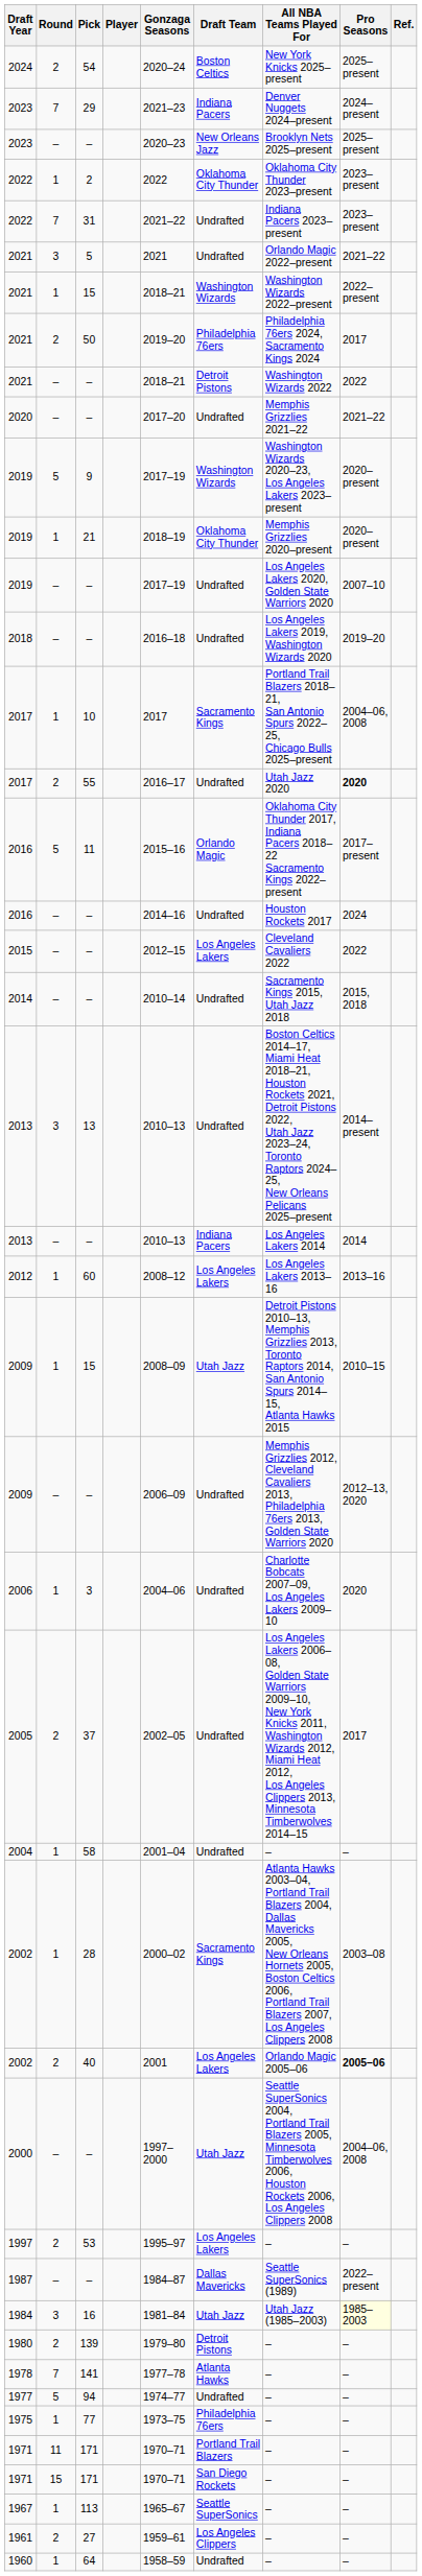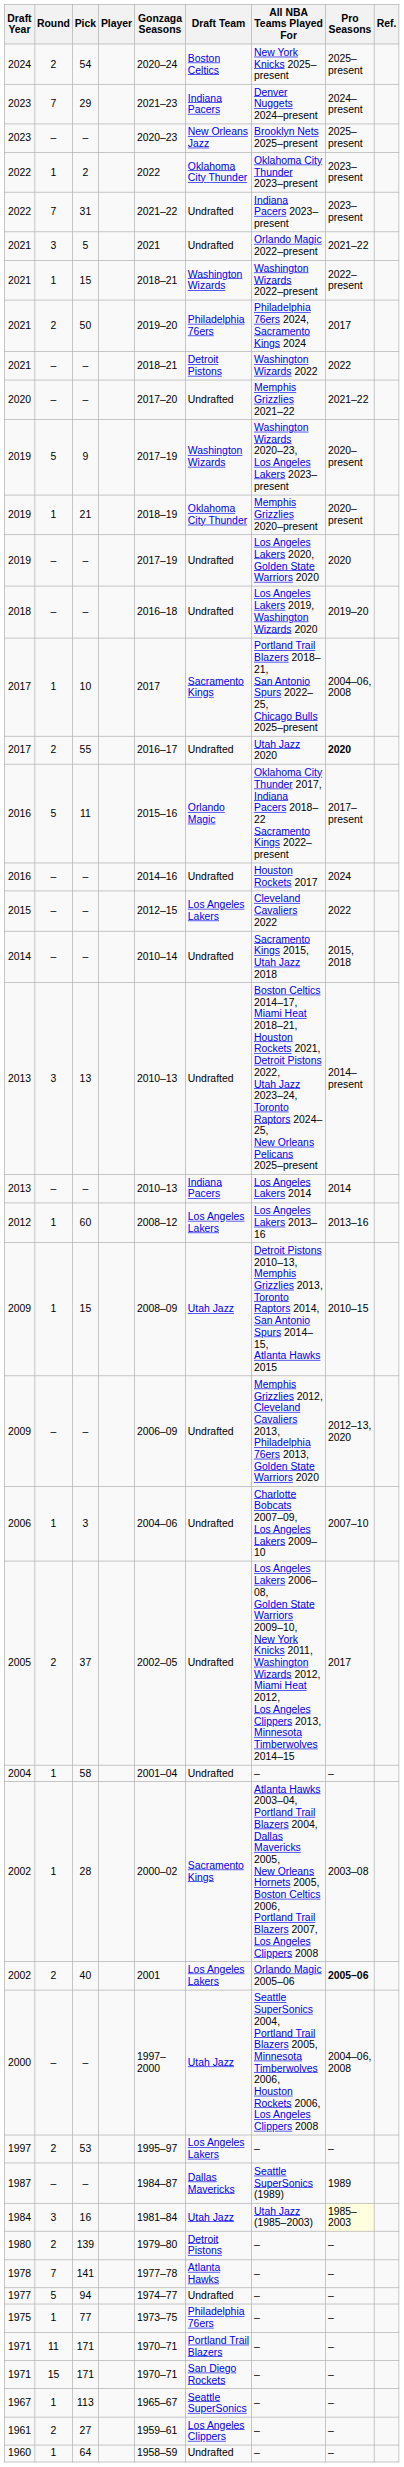 <table class="wikitable sortable" style="text-align:center">
 <tr>
 <th>Draft Year</th>
 <th>Round</th>
 <th>Pick</th>
 <th>Player</th>
 <th>Gonzaga Seasons</th>
 <th>Draft Team</th>
 <th>All NBA Teams Played For</th>
 <th>Pro Seasons</th>
 <th class="unsortable">Ref.</th>
 </tr>
 <tr>
 <td>2024</td>
 <td>2</td>
 <td>54</td>
 <td style="text-align:left"></td>
 <td style="text-align:left">2020–24</td>
 <td style="text-align:left"><a href='#'>Boston Celtics</a></td>
 <td style="text-align:left"><a href='#'>New York Knicks</a> 2025–present</td>
 <td style="text-align:left">2025–present</td>
 <td></td>
 </tr>
 <tr>
 <td>2023</td>
 <td>7</td>
 <td>29</td>
 <td style="text-align:left"></td>
 <td style="text-align:left">2021–23</td>
 <td style="text-align:left"><a href='#'>Indiana Pacers</a></td>
 <td style="text-align:left"><a href='#'>Denver Nuggets</a> 2024–present</td>
 <td style="text-align:left">2024–present</td>
 <td></td>
 </tr>
 <tr>
 <td>2023</td>
 <td>–</td>
 <td>–</td>
 <td style="text-align:left"></td>
 <td style="text-align:left">2020–23</td>
 <td style="text-align:left"><a href='#'>New Orleans Jazz</a></td>
 <td style="text-align:left"><a href='#'>Brooklyn Nets</a> 2025–present</td>
 <td style="text-align:left">2025–present</td>
 <td></td>
 </tr>
 <tr>
 <td>2022</td>
 <td>1</td>
 <td>2</td>
 <td style="text-align:left"></td>
 <td style="text-align:left">2022</td>
 <td style="text-align:left"><a href='#'>Oklahoma City Thunder</a></td>
 <td style="text-align:left"><a href='#'>Oklahoma City Thunder</a> 2023–present</td>
 <td style="text-align:left">2023–present</td>
 <td></td>
 </tr>
 <tr>
 <td>2022</td>
 <td>7</td>
 <td>31</td>
 <td style="text-align:left"></td>
 <td style="text-align:left">2021–22</td>
 <td style="text-align:left">Undrafted</td>
 <td style="text-align:left"><a href='#'>Indiana Pacers</a> 2023–present</td>
 <td style="text-align:left">2023–present</td>
 <td></td>
 </tr>
 <tr>
 <td>2021</td>
 <td>3</td>
 <td>5</td>
 <td style="text-align:left"></td>
 <td style="text-align:left">2021</td>
 <td style="text-align:left">Undrafted</td>
 <td style="text-align:left"><a href='#'>Orlando Magic</a> 2022–present</td>
 <td style="text-align:left">2021–22</td>
 <td></td>
 </tr>
 <tr>
 <td>2021</td>
 <td>1</td>
 <td>15</td>
 <td style="text-align:left"></td>
 <td style="text-align:left">2018–21</td>
 <td style="text-align:left"><a href='#'>Washington Wizards</a></td>
 <td style="text-align:left"><a href='#'>Washington Wizards</a> 2022–present</td>
 <td style="text-align:left">2022–present</td>
 <td></td>
 </tr>
 <tr>
 <td>2021</td>
 <td>2</td>
 <td>50</td>
 <td style="text-align:left"></td>
 <td style="text-align:left">2019–20</td>
 <td style="text-align:left"><a href='#'>Philadelphia 76ers</a></td>
 <td style="text-align:left"><a href='#'>Philadelphia 76ers</a> 2024,<br><a href='#'>Sacramento Kings</a> 2024</td>
 <td style="text-align:left">2017</td>
 <td></td>
 </tr>
 <tr>
 <td>2021</td>
 <td>–</td>
 <td>–</td>
 <td style="text-align:left"></td>
 <td style="text-align:left">2018–21</td>
 <td style="text-align:left"><a href='#'>Detroit Pistons</a></td>
 <td style="text-align:left"><a href='#'>Washington Wizards</a> 2022</td>
 <td style="text-align:left">2022</td>
 <td></td>
 </tr>
 <tr>
 <td>2020</td>
 <td>–</td>
 <td>–</td>
 <td style="text-align:left"></td>
 <td style="text-align:left">2017–20</td>
 <td style="text-align:left">Undrafted</td>
 <td style="text-align:left"><a href='#'>Memphis Grizzlies</a> 2021–22</td>
 <td style="text-align:left">2021–22</td>
 <td></td>
 </tr>
 <tr>
 <td>2019</td>
 <td>5</td>
 <td>9</td>
 <td style="text-align:left"></td>
 <td style="text-align:left">2017–19</td>
 <td style="text-align:left"><a href='#'>Washington Wizards</a></td>
 <td style="text-align:left"><a href='#'>Washington Wizards</a> 2020–23,<br><a href='#'>Los Angeles Lakers</a> 2023–present</td>
 <td style="text-align:left">2020–present</td>
 <td></td>
 </tr>
 <tr>
 <td>2019</td>
 <td>1</td>
 <td>21</td>
 <td style="text-align:left"></td>
 <td style="text-align:left">2018–19</td>
 <td style="text-align:left"><a href='#'>Oklahoma City Thunder</a></td>
 <td style="text-align:left"><a href='#'>Memphis Grizzlies</a> 2020–present</td>
 <td style="text-align:left">2020–present</td>
 <td></td>
 </tr>
 <tr>
 <td>2019</td>
 <td>–</td>
 <td>–</td>
 <td style="text-align:left"></td>
 <td style="text-align:left">2017–19</td>
 <td style="text-align:left">Undrafted</td>
 <td style="text-align:left"><a href='#'>Los Angeles Lakers</a> 2020,<br><a href='#'>Golden State Warriors</a> 2020</td>
-<td style="text-align:left">2007–10</td>
+<td style="text-align:left">2020</td>
 <td></td>
 </tr>
 <tr>
 <td>2018</td>
 <td>–</td>
 <td>–</td>
 <td style="text-align:left"></td>
 <td style="text-align:left">2016–18</td>
 <td style="text-align:left">Undrafted</td>
 <td style="text-align:left"><a href='#'>Los Angeles Lakers</a> 2019,<br><a href='#'>Washington Wizards</a> 2020</td>
 <td style="text-align:left">2019–20</td>
 <td></td>
 </tr>
 <tr>
 <td>2017</td>
 <td>1</td>
 <td>10</td>
 <td style="text-align:left"></td>
 <td style="text-align:left">2017</td>
 <td style="text-align:left"><a href='#'>Sacramento Kings</a></td>
 <td style="text-align:left"><a href='#'>Portland Trail Blazers</a> 2018–21,<br><a href='#'>San Antonio Spurs</a> 2022–25,<br><a href='#'>Chicago Bulls</a> 2025–present</td>
 <td style="text-align:left">2004–06, 2008</td>
 <td></td>
 </tr>
 <tr>
 <td>2017</td>
 <td>2</td>
 <td>55</td>
 <td style="text-align:left"></td>
 <td style="text-align:left">2016–17</td>
 <td style="text-align:left">Undrafted</td>
 <td style="text-align:left"><a href='#'>Utah Jazz</a> 2020</td>
 <td style="text-align:left"><strong>2020</strong></td>
 <td></td>
 </tr>
 <tr>
 <td>2016</td>
 <td>5</td>
 <td>11</td>
 <td style="text-align:left"></td>
 <td style="text-align:left">2015–16</td>
 <td style="text-align:left"><a href='#'>Orlando Magic</a></td>
 <td style="text-align:left"><a href='#'>Oklahoma City Thunder</a> 2017,<br><a href='#'>Indiana Pacers</a> 2018–22<br><a href='#'>Sacramento Kings</a> 2022–present</td>
 <td style="text-align:left">2017–present</td>
 <td></td>
 </tr>
 <tr>
 <td>2016</td>
 <td>–</td>
 <td>–</td>
 <td style="text-align:left"></td>
 <td style="text-align:left">2014–16</td>
 <td style="text-align:left">Undrafted</td>
 <td style="text-align:left"><a href='#'>Houston Rockets</a> 2017</td>
 <td style="text-align:left">2024</td>
 <td></td>
 </tr>
 <tr>
 <td>2015</td>
 <td>–</td>
 <td>–</td>
 <td style="text-align:left"></td>
 <td style="text-align:left">2012–15</td>
 <td style="text-align:left"><a href='#'>Los Angeles Lakers</a></td>
 <td style="text-align:left"><a href='#'>Cleveland Cavaliers</a> 2022</td>
 <td style="text-align:left">2022</td>
 <td></td>
 </tr>
 <tr>
 <td>2014</td>
 <td>–</td>
 <td>–</td>
 <td style="text-align:left"></td>
 <td style="text-align:left">2010–14</td>
 <td style="text-align:left">Undrafted</td>
 <td style="text-align:left"><a href='#'>Sacramento Kings</a> 2015,<br><a href='#'>Utah Jazz</a> 2018</td>
 <td style="text-align:left">2015, 2018</td>
 <td></td>
 </tr>
 <tr>
 <td>2013</td>
 <td>3</td>
 <td>13</td>
 <td style="text-align:left"></td>
 <td style="text-align:left">2010–13</td>
 <td style="text-align:left">Undrafted</td>
 <td style="text-align:left"><a href='#'>Boston Celtics</a> 2014–17,<br><a href='#'>Miami Heat</a> 2018–21,<br><a href='#'>Houston Rockets</a> 2021,<br><a href='#'>Detroit Pistons</a> 2022,<br><a href='#'>Utah Jazz</a> 2023–24,<br><a href='#'>Toronto Raptors</a> 2024–25,<br><a href='#'>New Orleans Pelicans</a> 2025–present</td>
 <td style="text-align:left">2014–present</td>
 <td></td>
 </tr>
 <tr>
 <td>2013</td>
 <td>–</td>
 <td>–</td>
 <td style="text-align:left"></td>
 <td style="text-align:left">2010–13</td>
 <td style="text-align:left"><a href='#'>Indiana Pacers</a></td>
 <td style="text-align:left"><a href='#'>Los Angeles Lakers</a> 2014</td>
 <td style="text-align:left">2014</td>
 <td></td>
 </tr>
 <tr>
 <td>2012</td>
 <td>1</td>
 <td>60</td>
 <td style="text-align:left"></td>
 <td style="text-align:left">2008–12</td>
 <td style="text-align:left"><a href='#'>Los Angeles Lakers</a></td>
 <td style="text-align:left"><a href='#'>Los Angeles Lakers</a> 2013–16</td>
 <td style="text-align:left">2013–16</td>
 <td></td>
 </tr>
 <tr>
 <td>2009</td>
 <td>1</td>
 <td>15</td>
 <td style="text-align:left"></td>
 <td style="text-align:left">2008–09</td>
 <td style="text-align:left"><a href='#'>Utah Jazz</a></td>
 <td style="text-align:left"><a href='#'>Detroit Pistons</a> 2010–13,<br><a href='#'>Memphis Grizzlies</a> 2013,<br><a href='#'>Toronto Raptors</a> 2014,<br><a href='#'>San Antonio Spurs</a> 2014–15,<br><a href='#'>Atlanta Hawks</a> 2015</td>
 <td style="text-align:left">2010–15</td>
 <td></td>
 </tr>
 <tr>
 <td>2009</td>
 <td>–</td>
 <td>–</td>
 <td style="text-align:left"></td>
 <td style="text-align:left">2006–09</td>
 <td style="text-align:left">Undrafted</td>
 <td style="text-align:left"><a href='#'>Memphis Grizzlies</a> 2012,<br><a href='#'>Cleveland Cavaliers</a> 2013,<br><a href='#'>Philadelphia 76ers</a> 2013,<br><a href='#'>Golden State Warriors</a> 2020</td>
 <td style="text-align:left">2012–13, 2020</td>
 <td></td>
 </tr>
 <tr>
 <td>2006</td>
 <td>1</td>
 <td>3</td>
 <td style="text-align:left"></td>
 <td style="text-align:left">2004–06</td>
 <td style="text-align:left">Undrafted</td>
 <td style="text-align:left"><a href='#'>Charlotte Bobcats</a> 2007–09,<br><a href='#'>Los Angeles Lakers</a> 2009–10</td>
-<td style="text-align:left">2020</td>
+<td style="text-align:left">2007–10</td>
 <td></td>
 </tr>
 <tr>
 <td>2005</td>
 <td>2</td>
 <td>37</td>
 <td style="text-align:left"></td>
 <td style="text-align:left">2002–05</td>
 <td style="text-align:left">Undrafted</td>
 <td style="text-align:left"><a href='#'>Los Angeles Lakers</a> 2006–08,<br><a href='#'>Golden State Warriors</a> 2009–10,<br><a href='#'>New York Knicks</a> 2011,<br><a href='#'>Washington Wizards</a> 2012,<br><a href='#'>Miami Heat</a> 2012,<br><a href='#'>Los Angeles Clippers</a> 2013,<br><a href='#'>Minnesota Timberwolves</a> 2014–15</td>
 <td style="text-align:left">2017</td>
 <td></td>
 </tr>
 <tr>
 <td>2004</td>
 <td>1</td>
 <td>58</td>
 <td style="text-align:left"></td>
 <td style="text-align:left">2001–04</td>
 <td style="text-align:left">Undrafted</td>
 <td style="text-align:left">–</td>
 <td style="text-align:left">–</td>
 <td></td>
 </tr>
 <tr>
 <td>2002</td>
 <td>1</td>
 <td>28</td>
 <td style="text-align:left"></td>
 <td style="text-align:left">2000–02</td>
 <td style="text-align:left"><a href='#'>Sacramento Kings</a></td>
 <td style="text-align:left"><a href='#'>Atlanta Hawks</a> 2003–04,<br><a href='#'>Portland Trail Blazers</a> 2004,<br><a href='#'>Dallas Mavericks</a> 2005,<br><a href='#'>New Orleans Hornets</a> 2005,<br><a href='#'>Boston Celtics</a> 2006,<br><a href='#'>Portland Trail Blazers</a> 2007,<br><a href='#'>Los Angeles Clippers</a> 2008</td>
 <td style="text-align:left">2003–08</td>
 <td></td>
 </tr>
 <tr>
 <td>2002</td>
 <td>2</td>
 <td>40</td>
 <td style="text-align:left"></td>
 <td style="text-align:left">2001</td>
 <td style="text-align:left"><a href='#'>Los Angeles Lakers</a></td>
 <td style="text-align:left"><a href='#'>Orlando Magic</a> 2005–06</td>
 <td style="text-align:left"><strong>2005–06</strong></td>
 <td></td>
 </tr>
 <tr>
 <td>2000</td>
 <td>–</td>
 <td>–</td>
 <td style="text-align:left"></td>
 <td style="text-align:left">1997–2000</td>
 <td style="text-align:left"><a href='#'>Utah Jazz</a></td>
 <td style="text-align:left"><a href='#'>Seattle SuperSonics</a> 2004,<br><a href='#'>Portland Trail Blazers</a> 2005,<br><a href='#'>Minnesota Timberwolves</a> 2006,<br><a href='#'>Houston Rockets</a> 2006,<br><a href='#'>Los Angeles Clippers</a> 2008</td>
 <td style="text-align:left">2004–06, 2008</td>
 <td></td>
 </tr>
 <tr>
 <td>1997</td>
 <td>2</td>
 <td>53</td>
 <td style="text-align:left"></td>
 <td style="text-align:left">1995–97</td>
 <td style="text-align:left"><a href='#'>Los Angeles Lakers</a></td>
 <td style="text-align:left">–</td>
 <td style="text-align:left">–</td>
 <td></td>
 </tr>
 <tr>
 <td>1987</td>
 <td>–</td>
 <td>–</td>
 <td style="text-align:left"></td>
 <td style="text-align:left">1984–87</td>
 <td style="text-align:left"><a href='#'>Dallas Mavericks</a></td>
 <td style="text-align:left"><a href='#'>Seattle SuperSonics</a> (1989)</td>
-<td style="text-align:left">2022–present</td>
+<td style="text-align:left">1989</td>
 <td></td>
 </tr>
 <tr>
 <td>1984</td>
 <td>3</td>
 <td>16</td>
 <td style="text-align:left"></td>
 <td style="text-align:left">1981–84</td>
 <td style="text-align:left"><a href='#'>Utah Jazz</a></td>
 <td style="text-align:left"><a href='#'>Utah Jazz</a> (1985–2003)</td>
 <td style="background: lightyellow; text-align:left">1985–2003</td>
 <td></td>
 </tr>
 <tr>
 <td>1980</td>
 <td>2</td>
 <td>139</td>
 <td style="text-align:left"></td>
 <td style="text-align:left">1979–80</td>
 <td style="text-align:left"><a href='#'>Detroit Pistons</a></td>
 <td style="text-align:left">–</td>
 <td style="text-align:left">–</td>
 <td></td>
 </tr>
 <tr>
 <td>1978</td>
 <td>7</td>
 <td>141</td>
 <td style="text-align:left"></td>
 <td style="text-align:left">1977–78</td>
 <td style="text-align:left"><a href='#'>Atlanta Hawks</a></td>
 <td style="text-align:left">–</td>
 <td style="text-align:left">–</td>
 <td></td>
 </tr>
 <tr>
 <td>1977</td>
 <td>5</td>
 <td>94</td>
 <td style="text-align:left"></td>
 <td style="text-align:left">1974–77</td>
 <td style="text-align:left">Undrafted</td>
 <td style="text-align:left">–</td>
 <td style="text-align:left">–</td>
 <td></td>
 </tr>
 <tr>
 <td>1975</td>
 <td>1</td>
 <td>77</td>
 <td style="text-align:left"></td>
 <td style="text-align:left">1973–75</td>
 <td style="text-align:left"><a href='#'>Philadelphia 76ers</a></td>
 <td style="text-align:left">–</td>
 <td style="text-align:left">–</td>
 <td></td>
 </tr>
 <tr>
 <td>1971</td>
 <td>11</td>
 <td>171</td>
 <td style="text-align:left"></td>
 <td style="text-align:left">1970–71</td>
 <td style="text-align:left"><a href='#'>Portland Trail Blazers</a></td>
 <td style="text-align:left">–</td>
 <td style="text-align:left">–</td>
 <td></td>
 </tr>
 <tr>
 <td>1971</td>
 <td>15</td>
 <td>171</td>
 <td style="text-align:left"></td>
 <td style="text-align:left">1970–71</td>
 <td style="text-align:left"><a href='#'>San Diego Rockets</a></td>
 <td style="text-align:left">–</td>
 <td style="text-align:left">–</td>
 <td></td>
 </tr>
 <tr>
 <td>1967</td>
 <td>1</td>
 <td>113</td>
 <td style="text-align:left"></td>
 <td style="text-align:left">1965–67</td>
 <td style="text-align:left"><a href='#'>Seattle SuperSonics</a></td>
 <td style="text-align:left">–</td>
 <td style="text-align:left">–</td>
 <td></td>
 </tr>
 <tr>
 <td>1961</td>
 <td>2</td>
 <td>27</td>
 <td style="text-align:left"></td>
 <td style="text-align:left">1959–61</td>
 <td style="text-align:left"><a href='#'>Los Angeles Clippers</a></td>
 <td style="text-align:left">–</td>
 <td style="text-align:left">–</td>
 <td></td>
 </tr>
 <tr>
 <td>1960</td>
 <td>1</td>
 <td>64</td>
 <td style="text-align:left"></td>
 <td style="text-align:left">1958–59</td>
 <td style="text-align:left">Undrafted</td>
 <td style="text-align:left">–</td>
 <td style="text-align:left">–</td>
 <td></td>
 </tr>
 </table>
